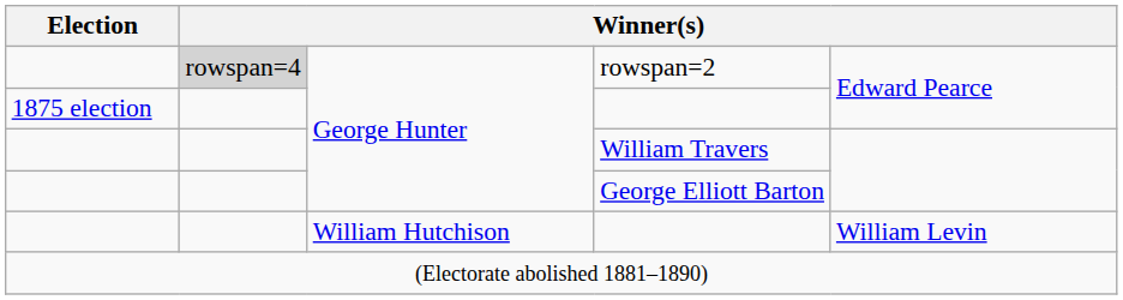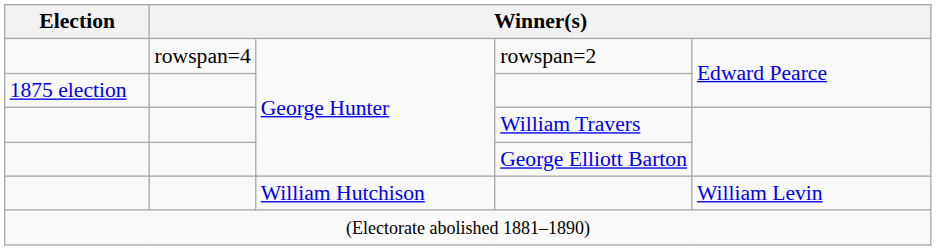 <table class=wikitable>
 <tr>
 <th width=100>Election</th>
 <th colspan=4>Winner(s)</th>
 </tr>
 <tr>
 <td></td>
-<td style="background: lightgrey;">rowspan=4 </td>
+<td>rowspan=4 </td>
 <td width=170 rowspan=4><a href='#'>George Hunter</a></td>
 <td>rowspan=2 </td>
 <td width=170 rowspan=2><a href='#'>Edward Pearce</a></td>
 </tr>
 <tr>
 <td><a href='#'>1875 election</a></td>
 </tr>
 <tr>
 <td></td>
 <td></td>
 <td><a href='#'>William Travers</a></td>
 </tr>
 <tr>
 <td></td>
 <td></td>
 <td><a href='#'>George Elliott Barton</a></td>
 </tr>
 <tr>
 <td></td>
 <td></td>
 <td><a href='#'>William Hutchison</a></td>
 <td></td>
 <td><a href='#'>William Levin</a></td>
 </tr>
 <tr>
 <td colspan=5 align=center><small>(Electorate abolished 1881–1890)</small></td>
 </tr>
 </table>
